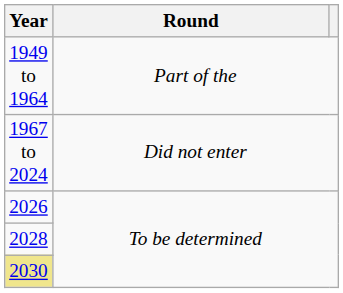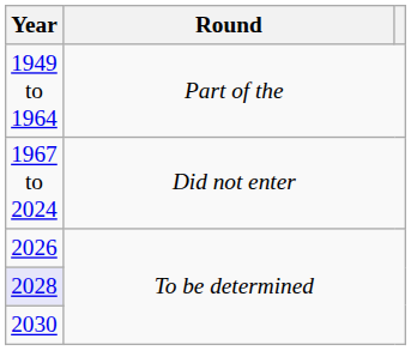 <table class="wikitable" style="text-align: center; font-size:90%">
 <tr>
 <th>Year</th>
 <th style="width:200px">Round</th>
 <th></th>
 </tr>
 <tr>
 <td><a href='#'>1949</a><br>to<br><a href='#'>1964</a></td>
 <td colspan="2"><em>Part of the </em></td>
 </tr>
 <tr>
 <td><a href='#'>1967</a><br>to<br><a href='#'>2024</a></td>
 <td colspan="2"><em>Did not enter</em></td>
 </tr>
 <tr>
 <td><a href='#'>2026</a></td>
 <td colspan="2" rowspan="3"><em>To be determined</em></td>
 </tr>
 <tr>
-<td><a href='#'>2028</a></td>
+<td style="background: lavender;"><a href='#'>2028</a></td>
 </tr>
 <tr>
-<td style="background: khaki;"><a href='#'>2030</a></td>
+<td><a href='#'>2030</a></td>
 </tr>
 </table>
